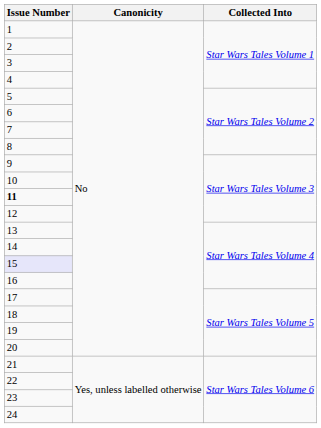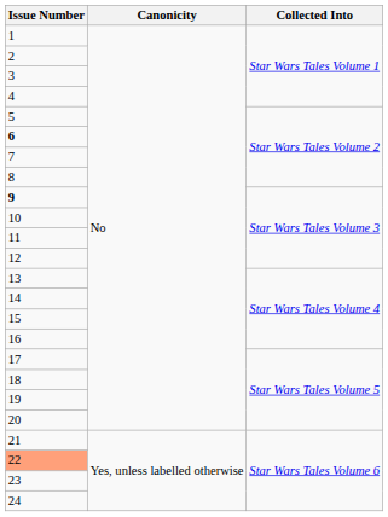 <table class="wikitable">
 <tr>
 <th>Issue Number</th>
 <th>Canonicity</th>
 <th>Collected Into</th>
 </tr>
 <tr>
 <td>1</td>
 <td rowspan="20">No</td>
 <td rowspan="4"><em><a href='#'>Star Wars Tales Volume 1</a></em></td>
 </tr>
 <tr>
 <td>2</td>
 </tr>
 <tr>
 <td>3</td>
 </tr>
 <tr>
 <td>4</td>
 </tr>
 <tr>
 <td>5</td>
 <td rowspan="4"><em><a href='#'>Star Wars Tales Volume 2</a></em></td>
 </tr>
 <tr>
-<td>6</td>
+<td><strong>6</strong></td>
 </tr>
 <tr>
 <td>7</td>
 </tr>
 <tr>
 <td>8</td>
 </tr>
 <tr>
-<td>9</td>
+<td><strong>9</strong></td>
 <td rowspan="4"><em><a href='#'>Star Wars Tales Volume 3</a></em></td>
 </tr>
 <tr>
 <td>10</td>
 </tr>
 <tr>
-<td><strong>11</strong></td>
+<td>11</td>
 </tr>
 <tr>
 <td>12</td>
 </tr>
 <tr>
 <td>13</td>
 <td rowspan="4"><em><a href='#'>Star Wars Tales Volume 4</a></em></td>
 </tr>
 <tr>
 <td>14</td>
 </tr>
 <tr>
-<td style="background: lavender;">15</td>
+<td>15</td>
 </tr>
 <tr>
 <td>16</td>
 </tr>
 <tr>
 <td>17</td>
 <td rowspan="4"><em><a href='#'>Star Wars Tales Volume 5</a></em></td>
 </tr>
 <tr>
 <td>18</td>
 </tr>
 <tr>
 <td>19</td>
 </tr>
 <tr>
 <td>20</td>
 </tr>
 <tr>
 <td>21</td>
 <td rowspan="4">Yes, unless labelled otherwise</td>
 <td rowspan="4"><em><a href='#'>Star Wars Tales Volume 6</a></em></td>
 </tr>
 <tr>
-<td>22</td>
+<td style="background: lightsalmon;">22</td>
 </tr>
 <tr>
 <td>23</td>
 </tr>
 <tr>
 <td>24</td>
 </tr>
 </table>
